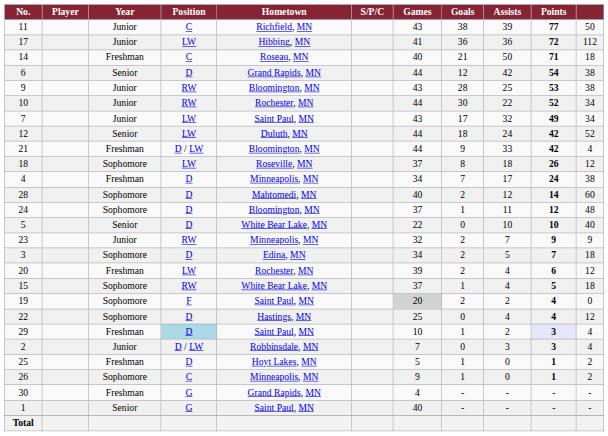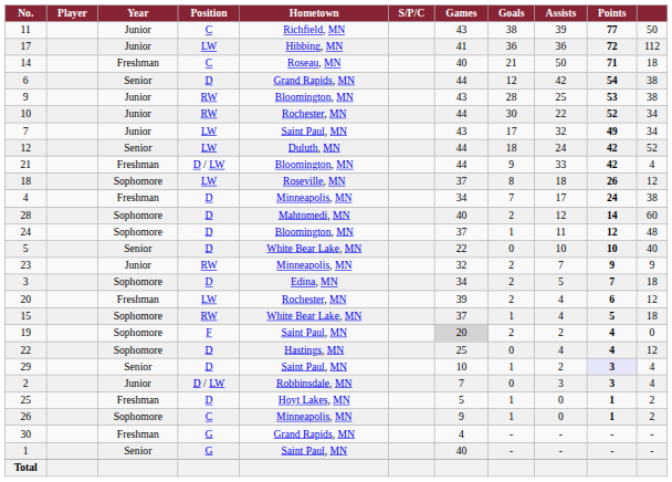 <table class="wikitable sortable" width ="1000">
 <tr align="center">
 <th style="color:white; background:#862334; ">No.</th>
 <th style="color:white; background:#862334; ">Player</th>
 <th style="color:white; background:#862334; ">Year</th>
 <th style="color:white; background:#862334; ">Position</th>
 <th style="color:white; background:#862334; ">Hometown</th>
 <th style="color:white; background:#862334; ">S/P/C</th>
 <th style="color:white; background:#862334; ">Games</th>
 <th style="color:white; background:#862334; ">Goals</th>
 <th style="color:white; background:#862334; ">Assists</th>
 <th style="color:white; background:#862334; ">Points</th>
 <th style="color:white; background:#862334; "><a href='#'></a></th>
 </tr>
 <tr align="center" bgcolor="">
 <td>11</td>
 <td></td>
 <td>Junior</td>
 <td><a href='#'>C</a></td>
 <td><a href='#'>Richfield</a>, <a href='#'>MN</a></td>
 <td></td>
 <td>43</td>
 <td>38</td>
 <td>39</td>
 <td><strong>77</strong></td>
 <td>50</td>
 </tr>
 <tr align="center" bgcolor="#f0f0f0">
 <td>17</td>
 <td></td>
 <td>Junior</td>
 <td><a href='#'>LW</a></td>
 <td><a href='#'>Hibbing</a>, <a href='#'>MN</a></td>
 <td></td>
 <td>41</td>
 <td>36</td>
 <td>36</td>
 <td><strong>72</strong></td>
 <td>112</td>
 </tr>
 <tr align="center">
 <td>14</td>
 <td></td>
 <td>Freshman</td>
 <td><a href='#'>C</a></td>
 <td><a href='#'>Roseau</a>, <a href='#'>MN</a></td>
 <td></td>
 <td>40</td>
 <td>21</td>
 <td>50</td>
 <td><strong>71</strong></td>
 <td>18</td>
 </tr>
 <tr align="center" bgcolor="#f0f0f0">
 <td>6</td>
 <td></td>
 <td>Senior</td>
 <td><a href='#'>D</a></td>
 <td><a href='#'>Grand Rapids</a>, <a href='#'>MN</a></td>
 <td></td>
 <td>44</td>
 <td>12</td>
 <td>42</td>
 <td><strong>54</strong></td>
 <td>38</td>
 </tr>
 <tr align="center">
 <td>9</td>
 <td></td>
 <td>Junior</td>
 <td><a href='#'>RW</a></td>
 <td><a href='#'>Bloomington</a>, <a href='#'>MN</a></td>
 <td></td>
 <td>43</td>
 <td>28</td>
 <td>25</td>
 <td><strong>53</strong></td>
 <td>38</td>
 </tr>
 <tr align="center" bgcolor="#f0f0f0">
 <td>10</td>
 <td></td>
 <td>Junior</td>
 <td><a href='#'>RW</a></td>
 <td><a href='#'>Rochester</a>, <a href='#'>MN</a></td>
 <td></td>
 <td>44</td>
 <td>30</td>
 <td>22</td>
 <td><strong>52</strong></td>
 <td>34</td>
 </tr>
 <tr align="center">
 <td>7</td>
 <td></td>
 <td>Junior</td>
 <td><a href='#'>LW</a></td>
 <td><a href='#'>Saint Paul</a>, <a href='#'>MN</a></td>
 <td></td>
 <td>43</td>
 <td>17</td>
 <td>32</td>
 <td><strong>49</strong></td>
 <td>34</td>
 </tr>
 <tr align="center" bgcolor="#f0f0f0">
 <td>12</td>
 <td></td>
 <td>Senior</td>
 <td><a href='#'>LW</a></td>
 <td><a href='#'>Duluth</a>, <a href='#'>MN</a></td>
 <td></td>
 <td>44</td>
 <td>18</td>
 <td>24</td>
 <td><strong>42</strong></td>
 <td>52</td>
 </tr>
 <tr align="center">
 <td>21</td>
 <td></td>
 <td>Freshman</td>
 <td><a href='#'>D</a> / <a href='#'>LW</a></td>
 <td><a href='#'>Bloomington</a>, <a href='#'>MN</a></td>
 <td></td>
 <td>44</td>
 <td>9</td>
 <td>33</td>
 <td><strong>42</strong></td>
 <td>4</td>
 </tr>
 <tr align="center" bgcolor="#f0f0f0">
 <td>18</td>
 <td></td>
 <td>Sophomore</td>
 <td><a href='#'>LW</a></td>
 <td><a href='#'>Roseville</a>, <a href='#'>MN</a></td>
 <td></td>
 <td>37</td>
 <td>8</td>
 <td>18</td>
 <td><strong>26</strong></td>
 <td>12</td>
 </tr>
 <tr align="center">
 <td>4</td>
 <td></td>
 <td>Freshman</td>
 <td><a href='#'>D</a></td>
 <td><a href='#'>Minneapolis</a>, <a href='#'>MN</a></td>
 <td></td>
 <td>34</td>
 <td>7</td>
 <td>17</td>
 <td><strong>24</strong></td>
 <td>38</td>
 </tr>
 <tr align="center" bgcolor="#f0f0f0">
 <td>28</td>
 <td></td>
 <td>Sophomore</td>
 <td><a href='#'>D</a></td>
 <td><a href='#'>Mahtomedi</a>, <a href='#'>MN</a></td>
 <td></td>
 <td>40</td>
 <td>2</td>
 <td>12</td>
 <td><strong>14</strong></td>
 <td>60</td>
 </tr>
 <tr align="center">
 <td>24</td>
 <td></td>
 <td>Sophomore</td>
 <td><a href='#'>D</a></td>
 <td><a href='#'>Bloomington</a>, <a href='#'>MN</a></td>
 <td></td>
 <td>37</td>
 <td>1</td>
 <td>11</td>
 <td><strong>12</strong></td>
 <td>48</td>
 </tr>
 <tr align="center" bgcolor="#f0f0f0">
 <td>5</td>
 <td></td>
 <td>Senior</td>
 <td><a href='#'>D</a></td>
 <td><a href='#'>White Bear Lake</a>, <a href='#'>MN</a></td>
 <td></td>
 <td>22</td>
 <td>0</td>
 <td>10</td>
 <td><strong>10</strong></td>
 <td>40</td>
 </tr>
 <tr align="center">
 <td>23</td>
 <td></td>
 <td>Junior</td>
 <td><a href='#'>RW</a></td>
 <td><a href='#'>Minneapolis</a>, <a href='#'>MN</a></td>
 <td></td>
 <td>32</td>
 <td>2</td>
 <td>7</td>
 <td><strong>9</strong></td>
 <td>9</td>
 </tr>
 <tr align="center" bgcolor="#f0f0f0">
 <td>3</td>
 <td></td>
 <td>Sophomore</td>
 <td><a href='#'>D</a></td>
 <td><a href='#'>Edina</a>, <a href='#'>MN</a></td>
 <td></td>
 <td>34</td>
 <td>2</td>
 <td>5</td>
 <td><strong>7</strong></td>
 <td>18</td>
 </tr>
 <tr align="center">
 <td>20</td>
 <td></td>
 <td>Freshman</td>
 <td><a href='#'>LW</a></td>
 <td><a href='#'>Rochester</a>, <a href='#'>MN</a></td>
 <td></td>
 <td>39</td>
 <td>2</td>
 <td>4</td>
 <td><strong>6</strong></td>
 <td>12</td>
 </tr>
 <tr align="center" bgcolor="#f0f0f0">
 <td>15</td>
 <td></td>
 <td>Sophomore</td>
 <td><a href='#'>RW</a></td>
 <td><a href='#'>White Bear Lake</a>, <a href='#'>MN</a></td>
 <td></td>
 <td>37</td>
 <td>1</td>
 <td>4</td>
 <td><strong>5</strong></td>
 <td>18</td>
 </tr>
 <tr align="center">
 <td>19</td>
 <td></td>
 <td>Sophomore</td>
 <td><a href='#'>F</a></td>
 <td><a href='#'>Saint Paul</a>, <a href='#'>MN</a></td>
 <td></td>
 <td style="background: lightgrey;">20</td>
 <td>2</td>
 <td>2</td>
 <td><strong>4</strong></td>
 <td>0</td>
 </tr>
 <tr align="center" bgcolor="#f0f0f0">
 <td>22</td>
 <td></td>
 <td>Sophomore</td>
 <td><a href='#'>D</a></td>
 <td><a href='#'>Hastings</a>, <a href='#'>MN</a></td>
 <td></td>
 <td>25</td>
 <td>0</td>
 <td>4</td>
 <td><strong>4</strong></td>
 <td>12</td>
 </tr>
 <tr align="center">
 <td>29</td>
 <td></td>
-<td>Freshman</td>
-<td style="background: lightblue;"><a href='#'>D</a></td>
+<td>Senior</td>
+<td><a href='#'>D</a></td>
 <td><a href='#'>Saint Paul</a>, <a href='#'>MN</a></td>
 <td></td>
 <td>10</td>
 <td>1</td>
 <td>2</td>
 <td style="background: lavender;"><strong>3</strong></td>
 <td>4</td>
 </tr>
 <tr align="center" bgcolor="#f0f0f0">
 <td>2</td>
 <td></td>
 <td>Junior</td>
 <td><a href='#'>D</a> / <a href='#'>LW</a></td>
 <td><a href='#'>Robbinsdale</a>, <a href='#'>MN</a></td>
 <td></td>
 <td>7</td>
 <td>0</td>
 <td>3</td>
 <td><strong>3</strong></td>
 <td>4</td>
 </tr>
 <tr align="center">
 <td>25</td>
 <td></td>
 <td>Freshman</td>
 <td><a href='#'>D</a></td>
 <td><a href='#'>Hoyt Lakes</a>, <a href='#'>MN</a></td>
 <td></td>
 <td>5</td>
 <td>1</td>
 <td>0</td>
 <td><strong>1</strong></td>
 <td>2</td>
 </tr>
 <tr align="center" bgcolor="#f0f0f0">
 <td>26</td>
 <td></td>
 <td>Sophomore</td>
 <td><a href='#'>C</a></td>
 <td><a href='#'>Minneapolis</a>, <a href='#'>MN</a></td>
 <td></td>
 <td>9</td>
 <td>1</td>
 <td>0</td>
 <td><strong>1</strong></td>
 <td>2</td>
 </tr>
 <tr align="center">
 <td>30</td>
 <td></td>
 <td>Freshman</td>
 <td><a href='#'>G</a></td>
 <td><a href='#'>Grand Rapids</a>, <a href='#'>MN</a></td>
 <td></td>
 <td>4</td>
 <td>-</td>
 <td>-</td>
 <td>-</td>
 <td>-</td>
 </tr>
 <tr align="center" bgcolor="#f0f0f0">
 <td>1</td>
 <td></td>
 <td>Senior</td>
 <td><a href='#'>G</a></td>
 <td><a href='#'>Saint Paul</a>, <a href='#'>MN</a></td>
 <td></td>
 <td>40</td>
 <td>-</td>
 <td>-</td>
 <td>-</td>
 <td>-</td>
 </tr>
 <tr align="center">
 </tr>
 <tr>
 <th>Total</th>
 <th></th>
 <th></th>
 <th></th>
 <th></th>
 <th></th>
 <th></th>
 <th></th>
 <th></th>
 <th></th>
 <th></th>
 </tr>
 </table>
